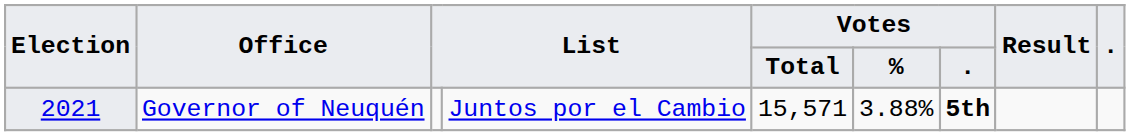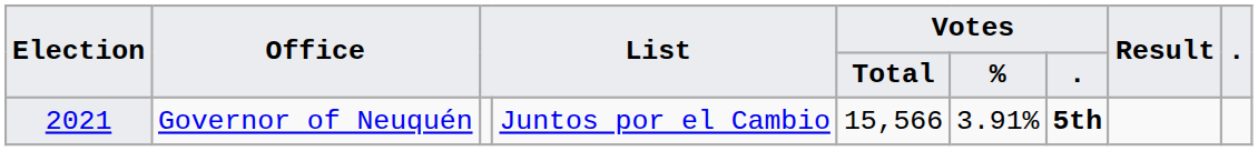 <table class="wikitable" style="font-size:90%; text-align:center;">
 <tr>
 <th style="background-color:#EAECF0;" rowspan=2>Election</th>
 <th style="background-color:#EAECF0;" rowspan=2>Office</th>
 <th style="background-color:#EAECF0;" colspan=2 rowspan=2>List</th>
 <th style="background-color:#EAECF0;" colspan=3>Votes</th>
 <th style="background-color:#EAECF0;" rowspan=2>Result</th>
 <th style="background-color:#EAECF0;" rowspan=2>.</th>
 </tr>
 <tr>
 <th style="background-color:#EAECF0;">Total</th>
 <th style="background-color:#EAECF0;">%</th>
 <th style="background-color:#EAECF0;">.</th>
 </tr>
 <tr>
 <td style="background-color:#EAECF0;"><a href='#'>2021</a></td>
 <td><a href='#'>Governor of Neuquén</a></td>
 <td style="background-color:"></td>
 <td><a href='#'>Juntos por el Cambio</a></td>
-<td>15,571</td>
-<td>3.88%</td>
+<td>15,566</td>
+<td>3.91%</td>
 <td><strong>5th</strong></td>
 <td></td>
 <td></td>
 </tr>
 </table>
